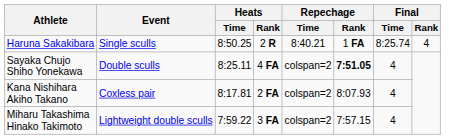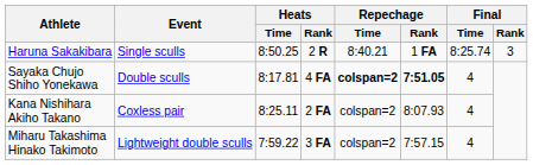 <table class=wikitable style=font-size:90%;text-align:center>
 <tr>
 <th rowspan=2>Athlete</th>
 <th rowspan=2>Event</th>
 <th colspan=2>Heats</th>
 <th colspan=2>Repechage</th>
 <th colspan=2>Final</th>
 </tr>
 <tr style="font-size:95%">
 <th>Time</th>
 <th>Rank</th>
 <th>Time</th>
 <th>Rank</th>
 <th>Time</th>
 <th>Rank</th>
 </tr>
 <tr>
 <td style="text-align:left"><a href='#'>Haruna Sakakibara</a></td>
 <td style="text-align:left"><a href='#'>Single sculls</a></td>
 <td>8:50.25</td>
 <td>2 <strong>R</strong></td>
 <td>8:40.21</td>
 <td>1 <strong>FA</strong></td>
 <td>8:25.74</td>
-<td>4</td>
+<td>3</td>
 </tr>
 <tr>
 <td style="text-align:left">Sayaka Chujo<br>Shiho Yonekawa</td>
 <td style="text-align:left"><a href='#'>Double sculls</a></td>
-<td>8:25.11</td>
+<td>8:17.81</td>
 <td>4 <strong>FA</strong></td>
-<td>colspan=2 </td>
+<td><strong>colspan=2 </strong></td>
 <td><strong>7:51.05</strong></td>
 <td>4</td>
 </tr>
 <tr>
 <td style="text-align:left">Kana Nishihara<br>Akiho Takano</td>
 <td style="text-align:left"><a href='#'>Coxless pair</a></td>
-<td>8:17.81</td>
+<td>8:25.11</td>
 <td>2 <strong>FA</strong></td>
 <td>colspan=2 </td>
 <td>8:07.93</td>
 <td>4</td>
 </tr>
 <tr>
 <td style="text-align:left">Miharu Takashima<br>Hinako Takimoto</td>
 <td style="text-align:left"><a href='#'>Lightweight double sculls</a></td>
 <td>7:59.22</td>
 <td>3 <strong>FA</strong></td>
 <td>colspan=2 </td>
 <td>7:57.15</td>
 <td>4</td>
 </tr>
 </table>
